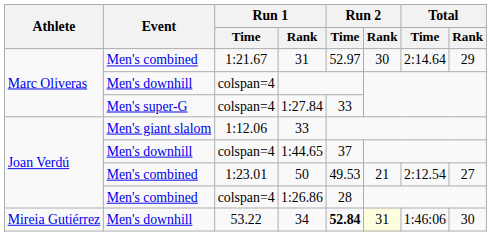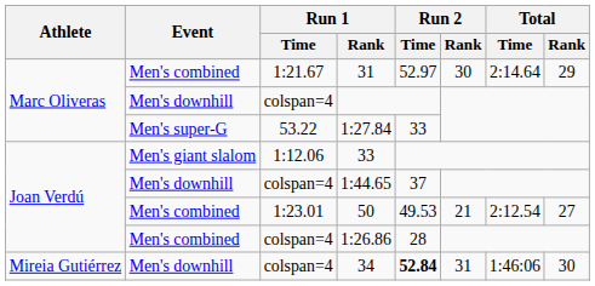 <table class="wikitable" style="font-size:90%">
 <tr>
 <th rowspan=2>Athlete</th>
 <th rowspan=2>Event</th>
 <th colspan=2>Run 1</th>
 <th colspan=2>Run 2</th>
 <th colspan=2>Total</th>
 </tr>
 <tr style="font-size:95%">
 <th>Time</th>
 <th>Rank</th>
 <th>Time</th>
 <th>Rank</th>
 <th>Time</th>
 <th>Rank</th>
 </tr>
 <tr align=center>
 <td align=left rowspan=3><a href='#'>Marc Oliveras</a></td>
 <td align=left><a href='#'>Men's combined</a></td>
 <td>1:21.67</td>
 <td>31</td>
 <td>52.97</td>
 <td>30</td>
 <td>2:14.64</td>
 <td>29</td>
 </tr>
 <tr align=center>
 <td align=left><a href='#'>Men's downhill</a></td>
 <td>colspan=4 </td>
 <td colspan=2></td>
 </tr>
 <tr align=center>
 <td align=left><a href='#'>Men's super-G</a></td>
-<td>colspan=4 </td>
+<td>53.22</td>
 <td>1:27.84</td>
 <td>33</td>
 </tr>
 <tr align=center>
 <td align=left rowspan=4><a href='#'>Joan Verdú</a></td>
 <td align=left><a href='#'>Men's giant slalom</a></td>
 <td>1:12.06</td>
 <td>33</td>
 <td colspan=4></td>
 </tr>
 <tr align=center>
 <td align=left><a href='#'>Men's downhill</a></td>
 <td>colspan=4 </td>
 <td>1:44.65</td>
 <td>37</td>
 </tr>
 <tr align=center>
 <td align=left><a href='#'>Men's combined</a></td>
 <td>1:23.01</td>
 <td>50</td>
 <td>49.53</td>
 <td>21</td>
 <td>2:12.54</td>
 <td>27</td>
 </tr>
 <tr align=center>
 <td align=left><a href='#'>Men's combined</a></td>
 <td>colspan=4 </td>
 <td>1:26.86</td>
 <td>28</td>
 </tr>
 <tr align=center>
 <td align=left><a href='#'>Mireia Gutiérrez</a></td>
 <td align=left><a href='#'>Men's downhill</a></td>
-<td>53.22</td>
+<td>colspan=4 </td>
 <td>34</td>
 <td><strong>52.84</strong></td>
-<td style="background: lightyellow;">31</td>
+<td>31</td>
 <td>1:46:06</td>
 <td>30</td>
 </tr>
 </table>
